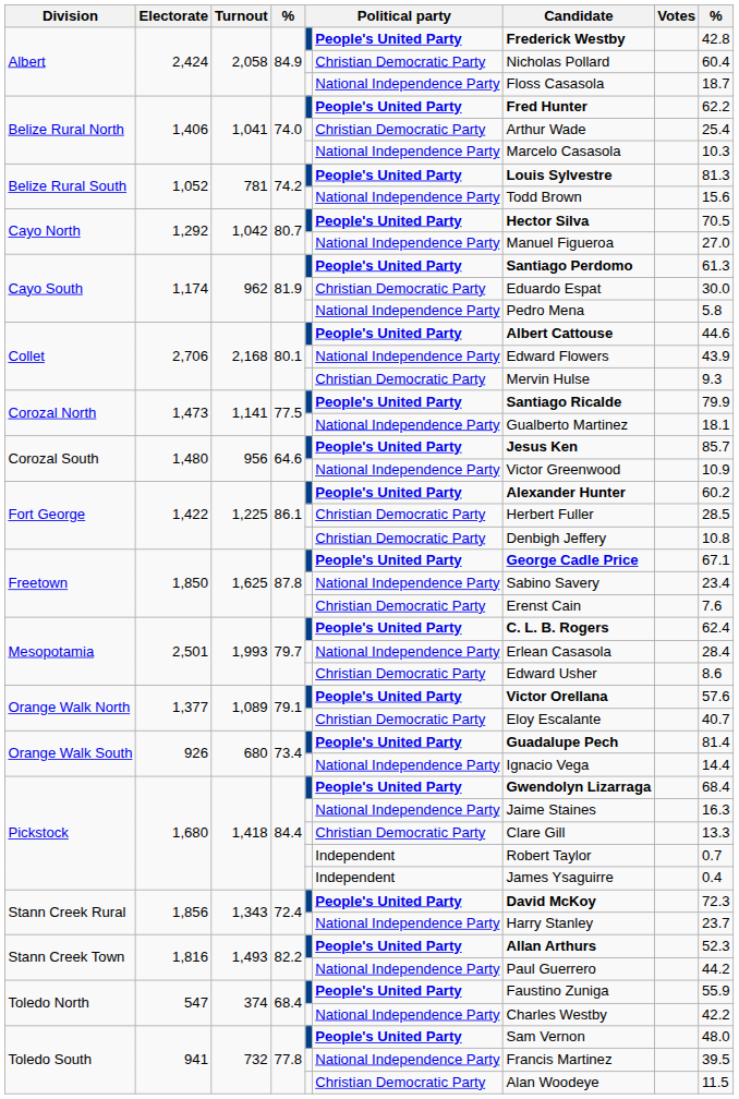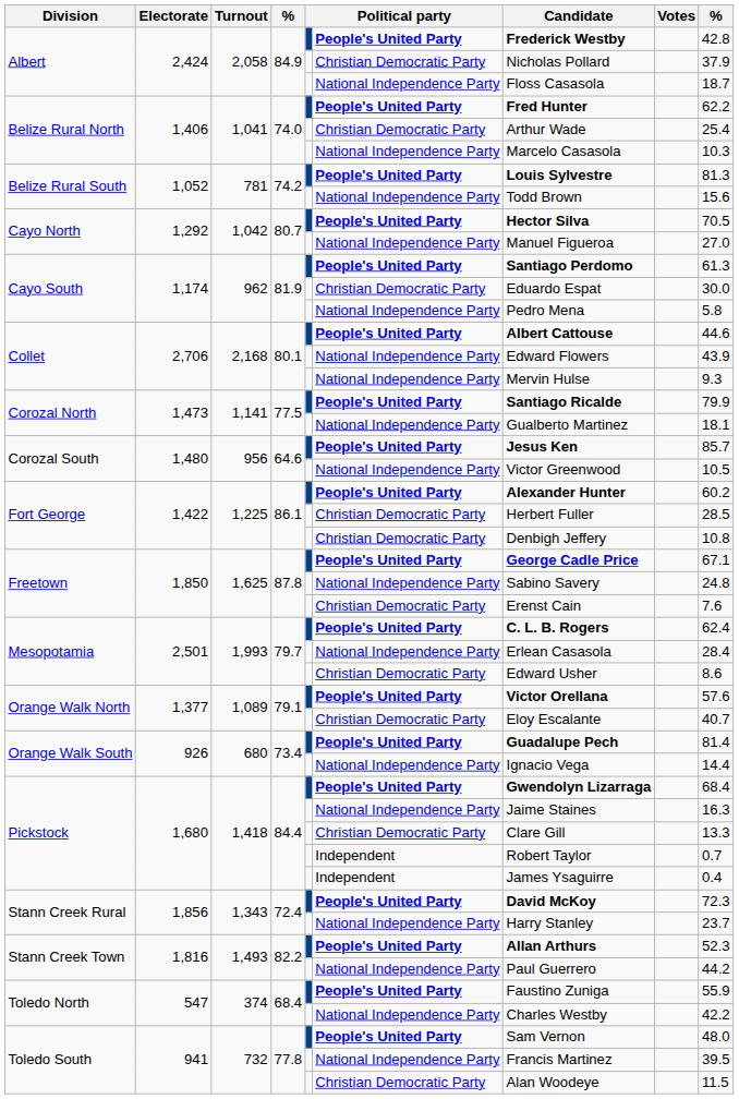 <table class="wikitable">
 <tr>
 <th>Division</th>
 <th>Electorate</th>
 <th>Turnout</th>
 <th>%</th>
 <th colspan="2">Political party</th>
 <th>Candidate</th>
 <th>Votes</th>
 <th>%</th>
 </tr>
 <tr>
 <td rowspan="3"><a href='#'>Albert</a></td>
 <td rowspan="3" align=right>2,424</td>
 <td rowspan="3" align=right>2,058</td>
 <td rowspan="3" align=right>84.9</td>
 <td bgcolor=#003F87></td>
 <td><strong><a href='#'>People's United Party</a></strong></td>
 <td><strong>Frederick Westby</strong></td>
 <td></td>
 <td>42.8</td>
 </tr>
 <tr>
 <td bgcolor=></td>
 <td><a href='#'>Christian Democratic Party</a></td>
 <td>Nicholas Pollard</td>
 <td></td>
-<td>60.4</td>
+<td>37.9</td>
 </tr>
 <tr>
 <td bgcolor=></td>
 <td><a href='#'>National Independence Party</a></td>
 <td>Floss Casasola</td>
 <td></td>
 <td>18.7</td>
 </tr>
 <tr>
 <td rowspan="3"><a href='#'>Belize Rural North</a></td>
 <td rowspan="3" align=right>1,406</td>
 <td rowspan="3" align=right>1,041</td>
 <td rowspan="3" align=right>74.0</td>
 <td bgcolor=#003F87></td>
 <td><strong><a href='#'>People's United Party</a></strong></td>
 <td><strong>Fred Hunter</strong></td>
 <td></td>
 <td>62.2</td>
 </tr>
 <tr>
 <td bgcolor=></td>
 <td><a href='#'>Christian Democratic Party</a></td>
 <td>Arthur Wade</td>
 <td></td>
 <td>25.4</td>
 </tr>
 <tr>
 <td bgcolor=></td>
 <td><a href='#'>National Independence Party</a></td>
 <td>Marcelo Casasola</td>
 <td></td>
 <td>10.3</td>
 </tr>
 <tr>
 <td rowspan="2"><a href='#'>Belize Rural South</a></td>
 <td rowspan="2" align=right>1,052</td>
 <td rowspan="2" align=right>781</td>
 <td rowspan="2" align=right>74.2</td>
 <td bgcolor=#003F87></td>
 <td><strong><a href='#'>People's United Party</a></strong></td>
 <td><strong>Louis Sylvestre</strong></td>
 <td></td>
 <td>81.3</td>
 </tr>
 <tr>
 <td bgcolor=></td>
 <td><a href='#'>National Independence Party</a></td>
 <td>Todd Brown</td>
 <td></td>
 <td>15.6</td>
 </tr>
 <tr>
 <td rowspan="2"><a href='#'>Cayo North</a></td>
 <td rowspan="2" align=right>1,292</td>
 <td rowspan="2" align=right>1,042</td>
 <td rowspan="2" align=right>80.7</td>
 <td bgcolor=#003F87></td>
 <td><strong><a href='#'>People's United Party</a></strong></td>
 <td><strong>Hector Silva</strong></td>
 <td></td>
 <td>70.5</td>
 </tr>
 <tr>
 <td bgcolor=></td>
 <td><a href='#'>National Independence Party</a></td>
 <td>Manuel Figueroa</td>
 <td></td>
 <td>27.0</td>
 </tr>
 <tr>
 <td rowspan="3"><a href='#'>Cayo South</a></td>
 <td rowspan="3" align=right>1,174</td>
 <td rowspan="3" align=right>962</td>
 <td rowspan="3" align=right>81.9</td>
 <td bgcolor=#003F87></td>
 <td><strong><a href='#'>People's United Party</a></strong></td>
 <td><strong>Santiago Perdomo</strong></td>
 <td></td>
 <td>61.3</td>
 </tr>
 <tr>
 <td bgcolor=></td>
 <td><a href='#'>Christian Democratic Party</a></td>
 <td>Eduardo Espat</td>
 <td></td>
 <td>30.0</td>
 </tr>
 <tr>
 <td bgcolor=></td>
 <td><a href='#'>National Independence Party</a></td>
 <td>Pedro Mena</td>
 <td></td>
 <td>5.8</td>
 </tr>
 <tr>
 <td rowspan="3"><a href='#'>Collet</a></td>
 <td rowspan="3" align=right>2,706</td>
 <td rowspan="3" align=right>2,168</td>
 <td rowspan="3" align=right>80.1</td>
 <td bgcolor=#003F87></td>
 <td><strong><a href='#'>People's United Party</a></strong></td>
 <td><strong>Albert Cattouse</strong></td>
 <td></td>
 <td>44.6</td>
 </tr>
 <tr>
 <td bgcolor=></td>
 <td><a href='#'>National Independence Party</a></td>
 <td>Edward Flowers</td>
 <td></td>
 <td>43.9</td>
 </tr>
 <tr>
 <td bgcolor=></td>
-<td><a href='#'>Christian Democratic Party</a></td>
+<td><a href='#'>National Independence Party</a></td>
 <td>Mervin Hulse</td>
 <td></td>
 <td>9.3</td>
 </tr>
 <tr>
 <td rowspan="2"><a href='#'>Corozal North</a></td>
 <td rowspan="2" align=right>1,473</td>
 <td rowspan="2" align=right>1,141</td>
 <td rowspan="2" align=right>77.5</td>
 <td bgcolor=#003F87></td>
 <td><strong><a href='#'>People's United Party</a></strong></td>
 <td><strong>Santiago Ricalde</strong></td>
 <td></td>
 <td>79.9</td>
 </tr>
 <tr>
 <td bgcolor=></td>
 <td><a href='#'>National Independence Party</a></td>
 <td>Gualberto Martinez</td>
 <td></td>
 <td>18.1</td>
 </tr>
 <tr>
 <td rowspan="2">Corozal South</td>
 <td rowspan="2" align=right>1,480</td>
 <td rowspan="2" align=right>956</td>
 <td rowspan="2" align=right>64.6</td>
 <td bgcolor=#003F87></td>
 <td><strong><a href='#'>People's United Party</a></strong></td>
 <td><strong>Jesus Ken</strong></td>
 <td></td>
 <td>85.7</td>
 </tr>
 <tr>
 <td bgcolor=></td>
 <td><a href='#'>National Independence Party</a></td>
 <td>Victor Greenwood</td>
 <td></td>
-<td>10.9</td>
+<td>10.5</td>
 </tr>
 <tr>
 <td rowspan="3"><a href='#'>Fort George</a></td>
 <td rowspan="3" align=right>1,422</td>
 <td rowspan="3" align=right>1,225</td>
 <td rowspan="3" align=right>86.1</td>
 <td bgcolor=#003F87></td>
 <td><strong><a href='#'>People's United Party</a></strong></td>
 <td><strong>Alexander Hunter</strong></td>
 <td></td>
 <td>60.2</td>
 </tr>
 <tr>
 <td bgcolor=></td>
 <td><a href='#'>Christian Democratic Party</a></td>
 <td>Herbert Fuller</td>
 <td></td>
 <td>28.5</td>
 </tr>
 <tr>
 <td bgcolor=></td>
 <td><a href='#'>Christian Democratic Party</a></td>
 <td>Denbigh Jeffery</td>
 <td></td>
 <td>10.8</td>
 </tr>
 <tr>
 <td rowspan="3"><a href='#'>Freetown</a></td>
 <td rowspan="3" align=right>1,850</td>
 <td rowspan="3" align=right>1,625</td>
 <td rowspan="3" align=right>87.8</td>
 <td bgcolor=#003F87></td>
 <td><strong><a href='#'>People's United Party</a></strong></td>
 <td><strong><a href='#'>George Cadle Price</a></strong></td>
 <td></td>
 <td>67.1</td>
 </tr>
 <tr>
 <td bgcolor=></td>
 <td><a href='#'>National Independence Party</a></td>
 <td>Sabino Savery</td>
 <td></td>
-<td>23.4</td>
+<td>24.8</td>
 </tr>
 <tr>
 <td bgcolor=></td>
 <td><a href='#'>Christian Democratic Party</a></td>
 <td>Erenst Cain</td>
 <td></td>
 <td>7.6</td>
 </tr>
 <tr>
 <td rowspan="3"><a href='#'>Mesopotamia</a></td>
 <td rowspan="3" align=right>2,501</td>
 <td rowspan="3" align=right>1,993</td>
 <td rowspan="3" align=right>79.7</td>
 <td bgcolor=#003F87></td>
 <td><strong><a href='#'>People's United Party</a></strong></td>
 <td><strong>C. L. B. Rogers</strong></td>
 <td></td>
 <td>62.4</td>
 </tr>
 <tr>
 <td bgcolor=></td>
 <td><a href='#'>National Independence Party</a></td>
 <td>Erlean Casasola</td>
 <td></td>
 <td>28.4</td>
 </tr>
 <tr>
 <td bgcolor=></td>
 <td><a href='#'>Christian Democratic Party</a></td>
 <td>Edward Usher</td>
 <td></td>
 <td>8.6</td>
 </tr>
 <tr>
 <td rowspan="2"><a href='#'>Orange Walk North</a></td>
 <td rowspan="2" align=right>1,377</td>
 <td rowspan="2" align=right>1,089</td>
 <td rowspan="2" align=right>79.1</td>
 <td bgcolor=#003F87></td>
 <td><strong><a href='#'>People's United Party</a></strong></td>
 <td><strong>Victor Orellana</strong></td>
 <td></td>
 <td>57.6</td>
 </tr>
 <tr>
 <td bgcolor=></td>
 <td><a href='#'>Christian Democratic Party</a></td>
 <td>Eloy Escalante</td>
 <td></td>
 <td>40.7</td>
 </tr>
 <tr>
 <td rowspan="2"><a href='#'>Orange Walk South</a></td>
 <td rowspan="2" align=right>926</td>
 <td rowspan="2" align=right>680</td>
 <td rowspan="2" align=right>73.4</td>
 <td bgcolor=#003F87></td>
 <td><strong><a href='#'>People's United Party</a></strong></td>
 <td><strong>Guadalupe Pech</strong></td>
 <td></td>
 <td>81.4</td>
 </tr>
 <tr>
 <td bgcolor=></td>
 <td><a href='#'>National Independence Party</a></td>
 <td>Ignacio Vega</td>
 <td></td>
 <td>14.4</td>
 </tr>
 <tr>
 <td rowspan="5"><a href='#'>Pickstock</a></td>
 <td rowspan="5" align=right>1,680</td>
 <td rowspan="5" align=right>1,418</td>
 <td rowspan="5" align=right>84.4</td>
 <td bgcolor=#003F87></td>
 <td><strong><a href='#'>People's United Party</a></strong></td>
 <td><strong>Gwendolyn Lizarraga</strong></td>
 <td></td>
 <td>68.4</td>
 </tr>
 <tr>
 <td bgcolor=></td>
 <td><a href='#'>National Independence Party</a></td>
 <td>Jaime Staines</td>
 <td></td>
 <td>16.3</td>
 </tr>
 <tr>
 <td bgcolor=></td>
 <td><a href='#'>Christian Democratic Party</a></td>
 <td>Clare Gill</td>
 <td></td>
 <td>13.3</td>
 </tr>
 <tr>
 <td bgcolor=></td>
 <td>Independent</td>
 <td>Robert Taylor</td>
 <td></td>
 <td>0.7</td>
 </tr>
 <tr>
 <td bgcolor=></td>
 <td>Independent</td>
 <td>James Ysaguirre</td>
 <td></td>
 <td>0.4</td>
 </tr>
 <tr>
 <td rowspan="2">Stann Creek Rural</td>
 <td rowspan="2" align=right>1,856</td>
 <td rowspan="2" align=right>1,343</td>
 <td rowspan="2" align=right>72.4</td>
 <td bgcolor=#003F87></td>
 <td><strong><a href='#'>People's United Party</a></strong></td>
 <td><strong>David McKoy</strong></td>
 <td></td>
 <td>72.3</td>
 </tr>
 <tr>
 <td bgcolor=></td>
 <td><a href='#'>National Independence Party</a></td>
 <td>Harry Stanley</td>
 <td></td>
 <td>23.7</td>
 </tr>
 <tr>
 <td rowspan="2">Stann Creek Town</td>
 <td rowspan="2" align=right>1,816</td>
 <td rowspan="2" align=right>1,493</td>
 <td rowspan="2" align=right>82.2</td>
 <td bgcolor=#003F87></td>
 <td><strong><a href='#'>People's United Party</a></strong></td>
 <td><strong>Allan Arthurs</strong></td>
 <td></td>
 <td>52.3</td>
 </tr>
 <tr>
 <td bgcolor=></td>
 <td><a href='#'>National Independence Party</a></td>
 <td>Paul Guerrero</td>
 <td></td>
 <td>44.2</td>
 </tr>
 <tr>
 <td rowspan="2">Toledo North</td>
 <td rowspan="2" align=right>547</td>
 <td rowspan="2" align=right>374</td>
 <td rowspan="2" align=right>68.4</td>
 <td bgcolor=#003F87></td>
 <td><strong><a href='#'>People's United Party</a></strong></td>
 <td>Faustino Zuniga</td>
 <td></td>
 <td>55.9</td>
 </tr>
 <tr>
 <td bgcolor=></td>
 <td><a href='#'>National Independence Party</a></td>
 <td>Charles Westby</td>
 <td></td>
 <td>42.2</td>
 </tr>
 <tr>
 <td rowspan="3">Toledo South</td>
 <td rowspan="3" align=right>941</td>
 <td rowspan="3" align=right>732</td>
 <td rowspan="3" align=right>77.8</td>
 <td bgcolor=#003F87></td>
 <td><strong><a href='#'>People's United Party</a></strong></td>
 <td>Sam Vernon</td>
 <td></td>
 <td>48.0</td>
 </tr>
 <tr>
 <td bgcolor=></td>
 <td><a href='#'>National Independence Party</a></td>
 <td>Francis Martinez</td>
 <td></td>
 <td>39.5</td>
 </tr>
 <tr>
 <td bgcolor=></td>
 <td><a href='#'>Christian Democratic Party</a></td>
 <td>Alan Woodeye</td>
 <td></td>
 <td>11.5</td>
 </tr>
 </table>
